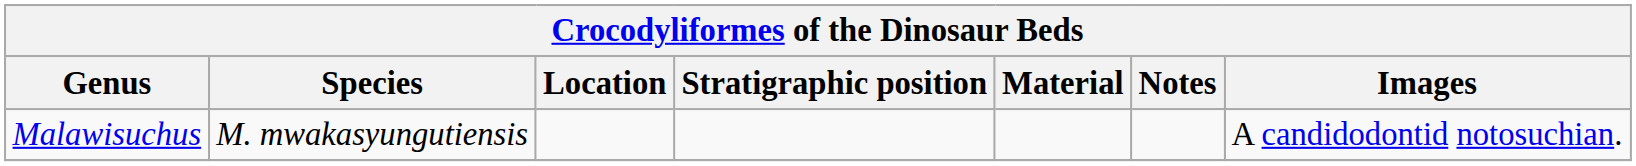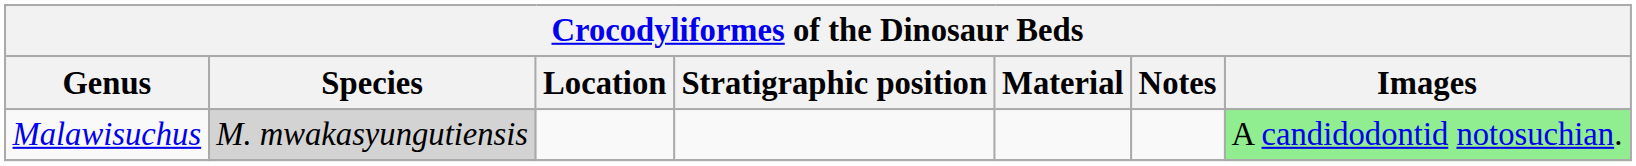 <table class="wikitable" align="center">
 <tr>
 <th colspan="7" align="center"><a href='#'>Crocodyliformes</a> of the Dinosaur Beds</th>
 </tr>
 <tr>
 <th>Genus</th>
 <th>Species</th>
 <th>Location</th>
 <th>Stratigraphic position</th>
 <th>Material</th>
 <th>Notes</th>
 <th>Images</th>
 </tr>
 <tr>
 <td><em><a href='#'>Malawisuchus</a></em></td>
-<td><em>M. mwakasyungutiensis</em></td>
+<td style="background: lightgrey;"><em>M. mwakasyungutiensis</em></td>
 <td></td>
 <td></td>
 <td></td>
 <td></td>
-<td>A <a href='#'>candidodontid</a> <a href='#'>notosuchian</a>.</td>
+<td style="background: lightgreen;">A <a href='#'>candidodontid</a> <a href='#'>notosuchian</a>.</td>
 </tr>
 <tr>
 </tr>
 </table>
